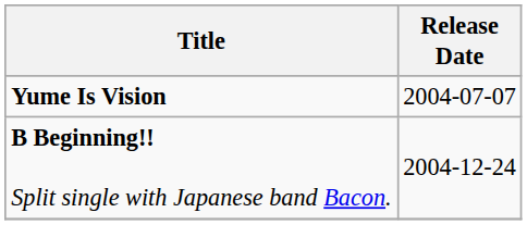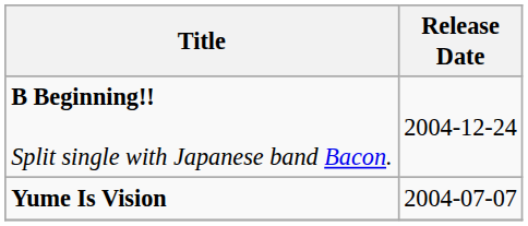 <table class="wikitable" style="font-size:small">
 <tr>
 <th>Title</th>
 <th>Release<br> Date</th>
 </tr>
 <tr>
+<td><strong>B Beginning!!</strong><br><br><em>Split single with Japanese band <a href='#'>Bacon</a>.</em> </td>
+<td>2004-12-24</td>
+</tr>
+<tr>
 <td><strong>Yume Is Vision</strong><br></td>
 <td>2004-07-07</td>
 </tr>
 <tr>
-<td><strong>B Beginning!!</strong><br><br><em>Split single with Japanese band <a href='#'>Bacon</a>.</em> </td>
-<td>2004-12-24</td>
-</tr>
-<tr>
 </tr>
 </table>
